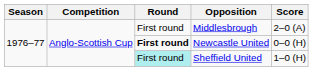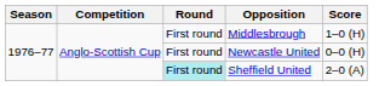 <table class="wikitable">
 <tr>
 <th>Season</th>
 <th>Competition</th>
 <th>Round</th>
 <th>Opposition</th>
 <th>Score</th>
 </tr>
 <tr>
 <td rowspan="3">1976–77</td>
 <td rowspan="3"><a href='#'>Anglo-Scottish Cup</a></td>
 <td>First round</td>
 <td> <a href='#'>Middlesbrough</a></td>
-<td>2–0 (A)</td>
+<td>1–0 (H)</td>
 </tr>
 <tr>
-<td><strong>First round</strong></td>
+<td>First round</td>
 <td> <a href='#'>Newcastle United</a></td>
 <td>0–0 (H)</td>
 </tr>
 <tr>
 <td style="background: paleturquoise;">First round</td>
 <td> <a href='#'>Sheffield United</a></td>
-<td>1–0 (H)</td>
+<td>2–0 (A)</td>
 </tr>
 </table>
